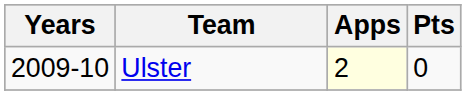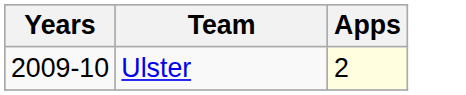 <table class="wikitable" style="text-align:left;">
 <tr>
 <th>Years</th>
 <th width=120px>Team</th>
 <th>Apps</th>
-<th>Pts</th>
 </tr>
 <tr>
 <td>2009-10</td>
 <td><a href='#'>Ulster</a></td>
 <td style="background: lightyellow;">2</td>
-<td>0</td>
 </tr>
 </table>
